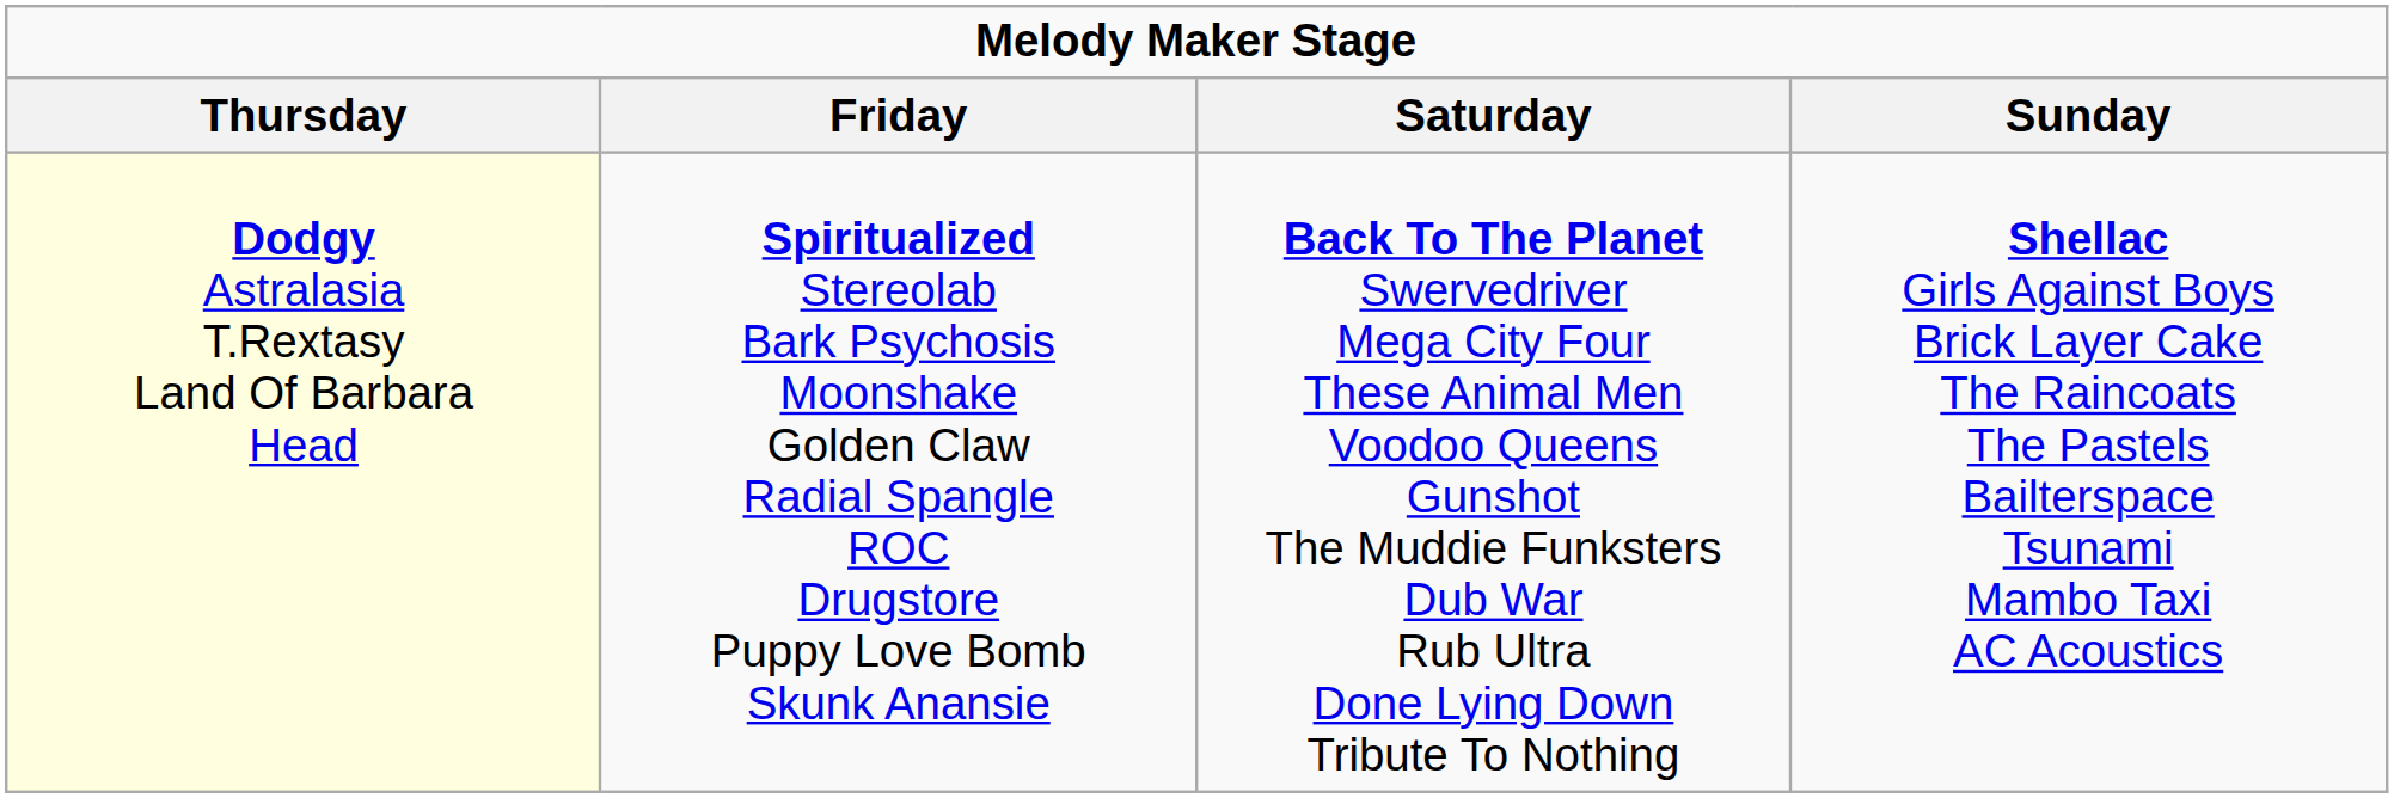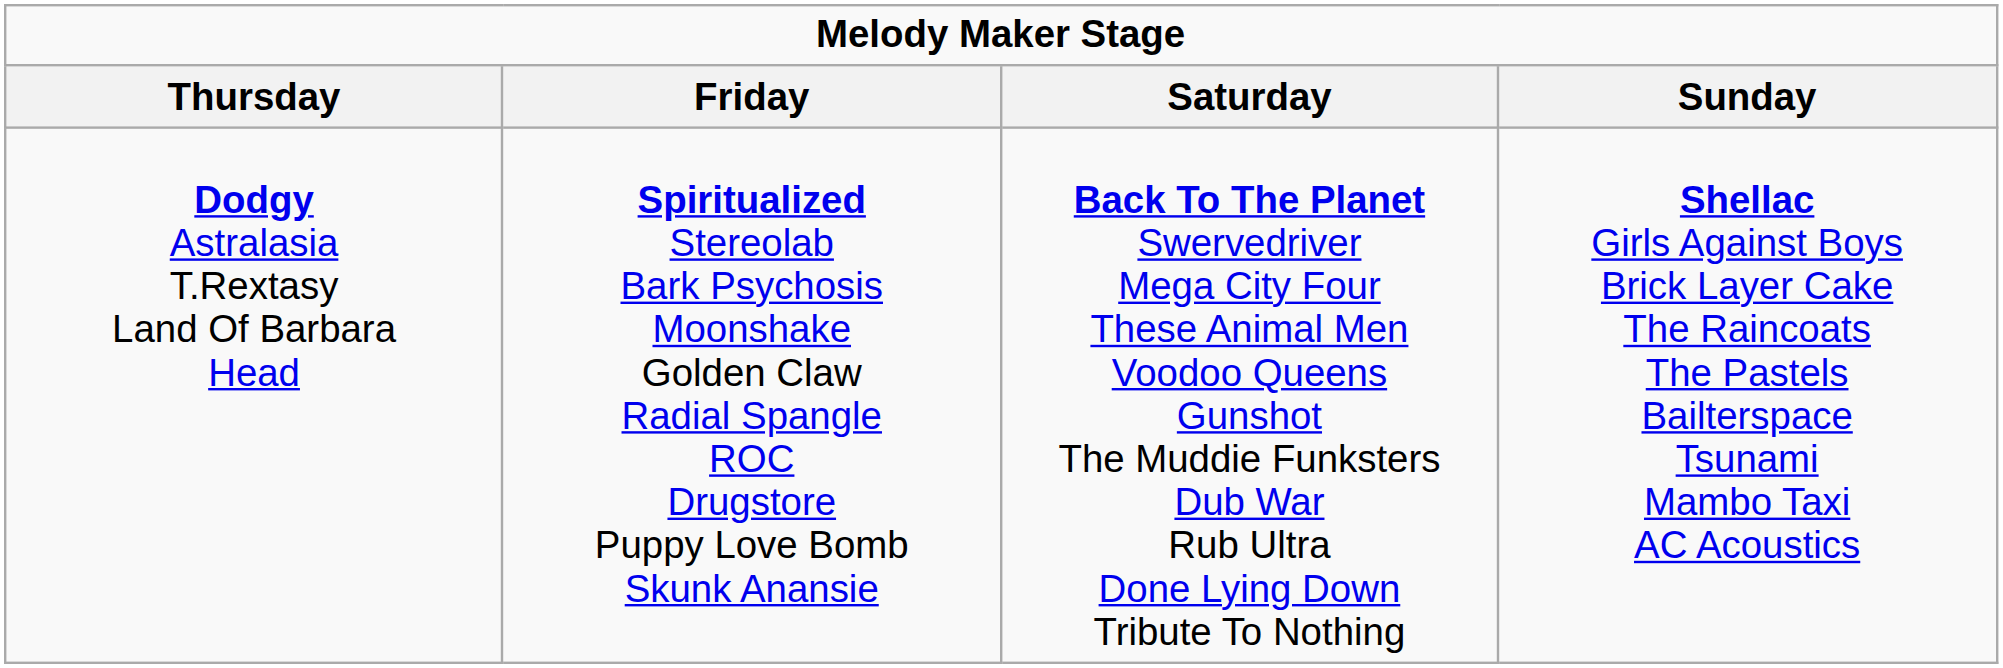 <table class="wikitable">
 <tr>
 <td colspan="4" style="text-align:center;"><strong>Melody Maker Stage</strong></td>
 </tr>
 <tr>
 <th>Thursday</th>
 <th>Friday</th>
 <th>Saturday</th>
 <th>Sunday</th>
 </tr>
 <tr>
-<td style="background: lightyellow; vertical-align:top; text-align:center; width:200px;"><br><strong><a href='#'>Dodgy</a></strong><br> <a href='#'>Astralasia</a><br>T.Rextasy<br> Land Of Barbara<br> <a href='#'>Head</a><br></td>
+<td style="vertical-align:top; text-align:center; width:200px;"><br><strong><a href='#'>Dodgy</a></strong><br> <a href='#'>Astralasia</a><br>T.Rextasy<br> Land Of Barbara<br> <a href='#'>Head</a><br></td>
 <td style="text-align:center; vertical-align:top; width:200px;"><br><strong><a href='#'>Spiritualized</a></strong><br> <a href='#'>Stereolab</a><br> <a href='#'>Bark Psychosis</a><br> <a href='#'>Moonshake</a><br> Golden Claw<br> <a href='#'>Radial Spangle</a><br> <a href='#'>ROC</a><br> <a href='#'>Drugstore</a><br> Puppy Love Bomb<br> <a href='#'>Skunk Anansie</a><br></td>
 <td style="text-align:center; vertical-align:top; width:200px;"><br><strong><a href='#'>Back To The Planet</a></strong><br> <a href='#'>Swervedriver</a><br> <a href='#'>Mega City Four</a><br> <a href='#'>These Animal Men</a><br> <a href='#'>Voodoo Queens</a><br> <a href='#'>Gunshot</a><br> The Muddie Funksters<br> <a href='#'>Dub War</a><br> Rub Ultra<br> <a href='#'>Done Lying Down</a><br> Tribute To Nothing<br></td>
 <td style="text-align:center; vertical-align:top; width:200px;"><br><strong><a href='#'>Shellac</a></strong><br> <a href='#'>Girls Against Boys</a><br> <a href='#'>Brick Layer Cake</a><br> <a href='#'>The Raincoats</a><br> <a href='#'>The Pastels</a><br> <a href='#'>Bailterspace</a><br> <a href='#'>Tsunami</a><br> <a href='#'>Mambo Taxi</a><br> <a href='#'>AC Acoustics</a><br></td>
 </tr>
 </table>
